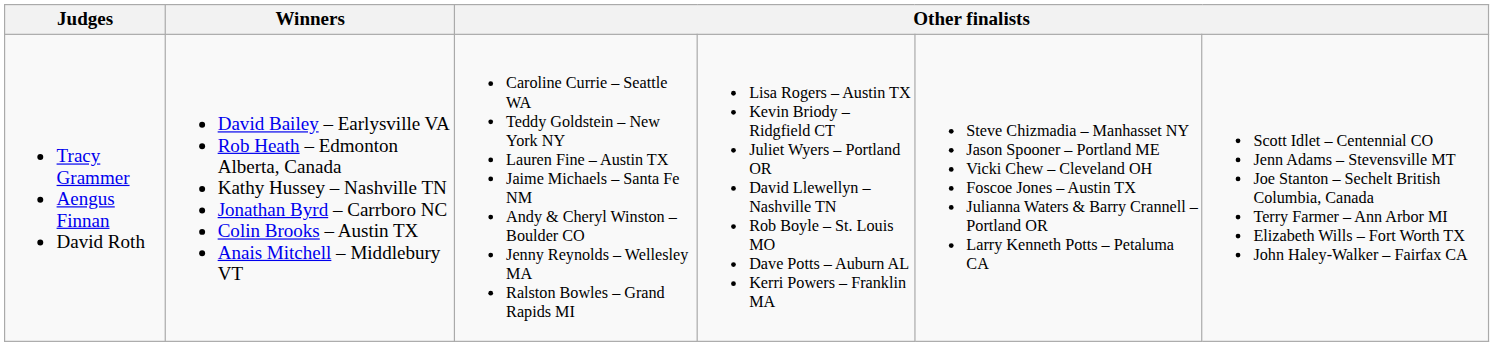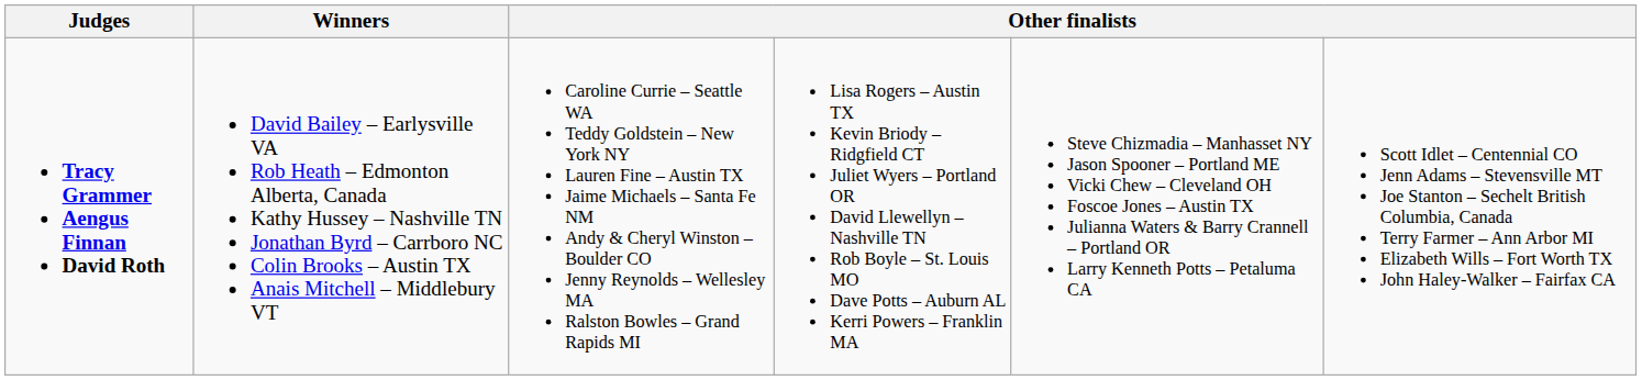 <table class="wikitable mw-collapsible mw-collapsed" style="text-align:left">
 <tr>
 <th>Judges</th>
 <th>Winners</th>
 <th colspan="4" align="center">Other finalists</th>
 </tr>
 <tr>
-<td><br><ul><li><a href='#'>Tracy Grammer</a></li><li><a href='#'>Aengus Finnan</a></li><li>David Roth</li></ul></td>
+<td><strong><br><ul><li><a href='#'>Tracy Grammer</a></li><li><a href='#'>Aengus Finnan</a></li><li>David Roth</li></ul></strong></td>
 <td><br><ul><li><a href='#'>David Bailey</a> – Earlysville VA </li><li><a href='#'>Rob Heath</a> – Edmonton Alberta, Canada </li><li>Kathy Hussey – Nashville TN </li><li><a href='#'>Jonathan Byrd</a> – Carrboro NC </li><li><a href='#'>Colin Brooks</a> – Austin TX</li><li><a href='#'>Anais Mitchell</a> – Middlebury VT </li></ul></td>
 <td style="font-size:85%"><br><ul><li>Caroline Currie – Seattle WA</li><li>Teddy Goldstein – New York NY</li><li>Lauren Fine – Austin TX</li><li>Jaime Michaels – Santa Fe NM</li><li>Andy & Cheryl Winston – Boulder CO</li><li>Jenny Reynolds – Wellesley MA</li><li>Ralston Bowles – Grand Rapids MI</li></ul></td>
 <td style="font-size:85%"><br><ul><li>Lisa Rogers – Austin TX</li><li>Kevin Briody – Ridgfield CT</li><li>Juliet Wyers – Portland OR</li><li>David Llewellyn – Nashville TN</li><li>Rob Boyle – St. Louis MO</li><li>Dave Potts – Auburn AL</li><li>Kerri Powers – Franklin MA</li></ul></td>
 <td style="font-size:85%"><br><ul><li>Steve Chizmadia – Manhasset NY</li><li>Jason Spooner – Portland ME</li><li>Vicki Chew – Cleveland OH</li><li>Foscoe Jones – Austin TX</li><li>Julianna Waters & Barry Crannell – Portland OR</li><li>Larry Kenneth Potts – Petaluma CA</li></ul></td>
 <td style="font-size:85%"><br><ul><li>Scott Idlet – Centennial CO</li><li>Jenn Adams – Stevensville MT</li><li>Joe Stanton – Sechelt British Columbia, Canada</li><li>Terry Farmer – Ann Arbor MI</li><li>Elizabeth Wills – Fort Worth TX</li><li>John Haley-Walker – Fairfax CA</li></ul></td>
 </tr>
 </table>
